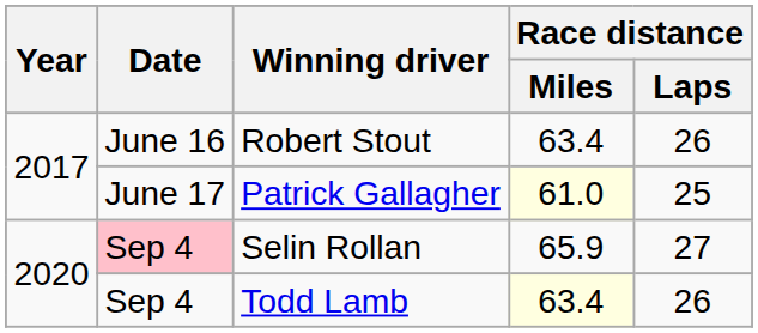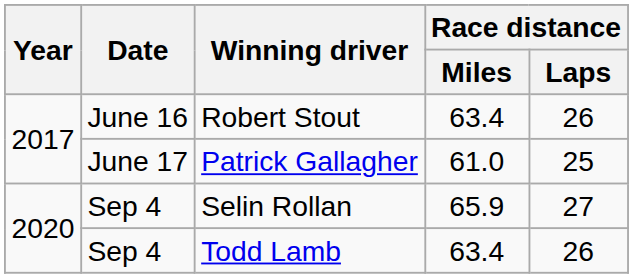 <table class="wikitable" style="font-size: 95%;">
 <tr>
 <th rowspan="2">Year</th>
 <th rowspan="2">Date</th>
 <th rowspan="2">Winning driver</th>
 <th colspan="2">Race distance</th>
 </tr>
 <tr>
 <th>Miles</th>
 <th>Laps</th>
 </tr>
 <tr>
 <td rowspan=2>2017</td>
 <td>June 16</td>
 <td> Robert Stout</td>
 <td style="text-align:center">63.4</td>
 <td style="text-align:center">26</td>
 </tr>
 <tr>
 <td>June 17</td>
 <td> <a href='#'>Patrick Gallagher</a></td>
-<td style="background: lightyellow; text-align:center">61.0</td>
+<td style="text-align:center">61.0</td>
 <td style="text-align:center">25</td>
 </tr>
 <tr>
 <td rowspan=2>2020</td>
-<td style="background: pink;">Sep 4</td>
+<td>Sep 4</td>
 <td> Selin Rollan</td>
 <td style="text-align:center">65.9</td>
 <td style="text-align:center">27</td>
 </tr>
 <tr>
 <td>Sep 4</td>
 <td> <a href='#'>Todd Lamb</a></td>
-<td style="background: lightyellow; text-align:center">63.4</td>
+<td style="text-align:center">63.4</td>
 <td style="text-align:center">26</td>
 </tr>
 </table>
